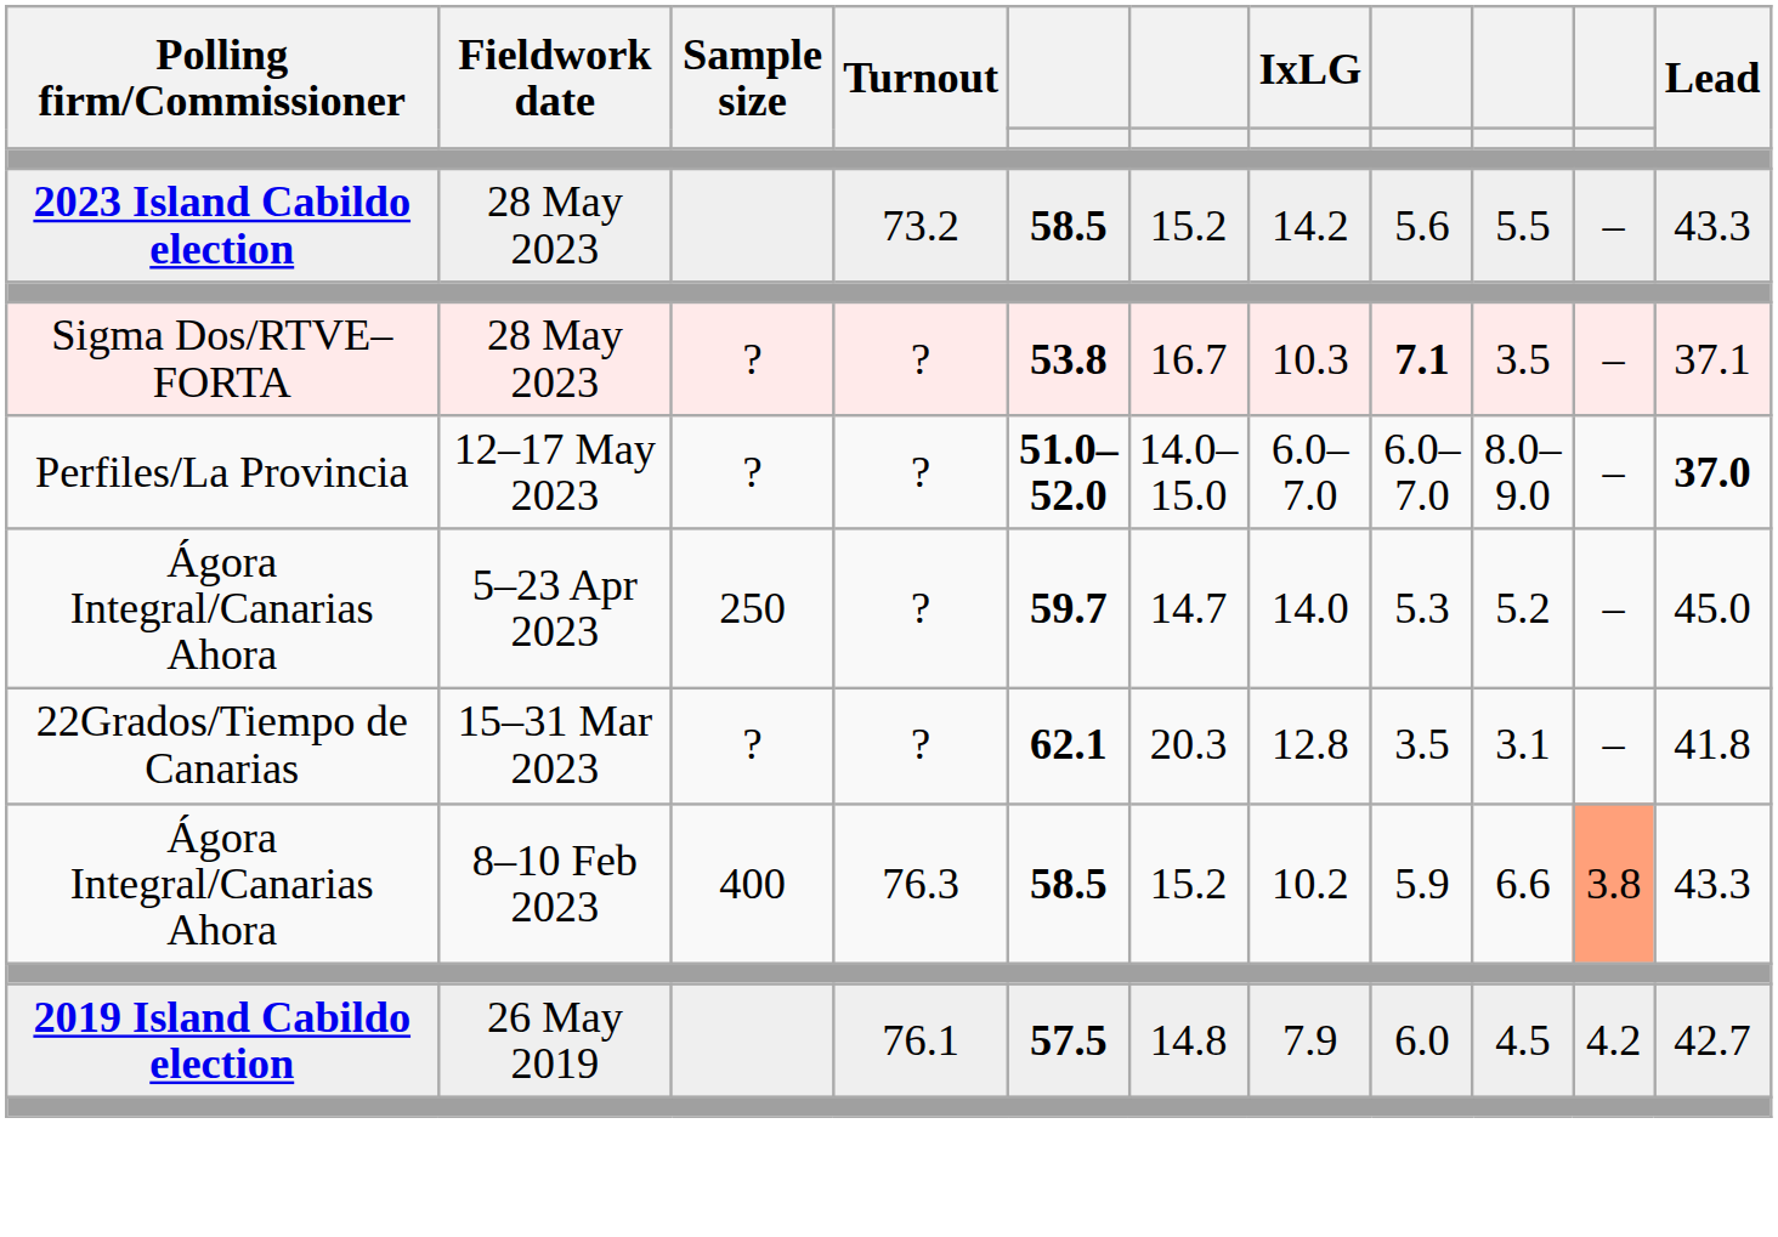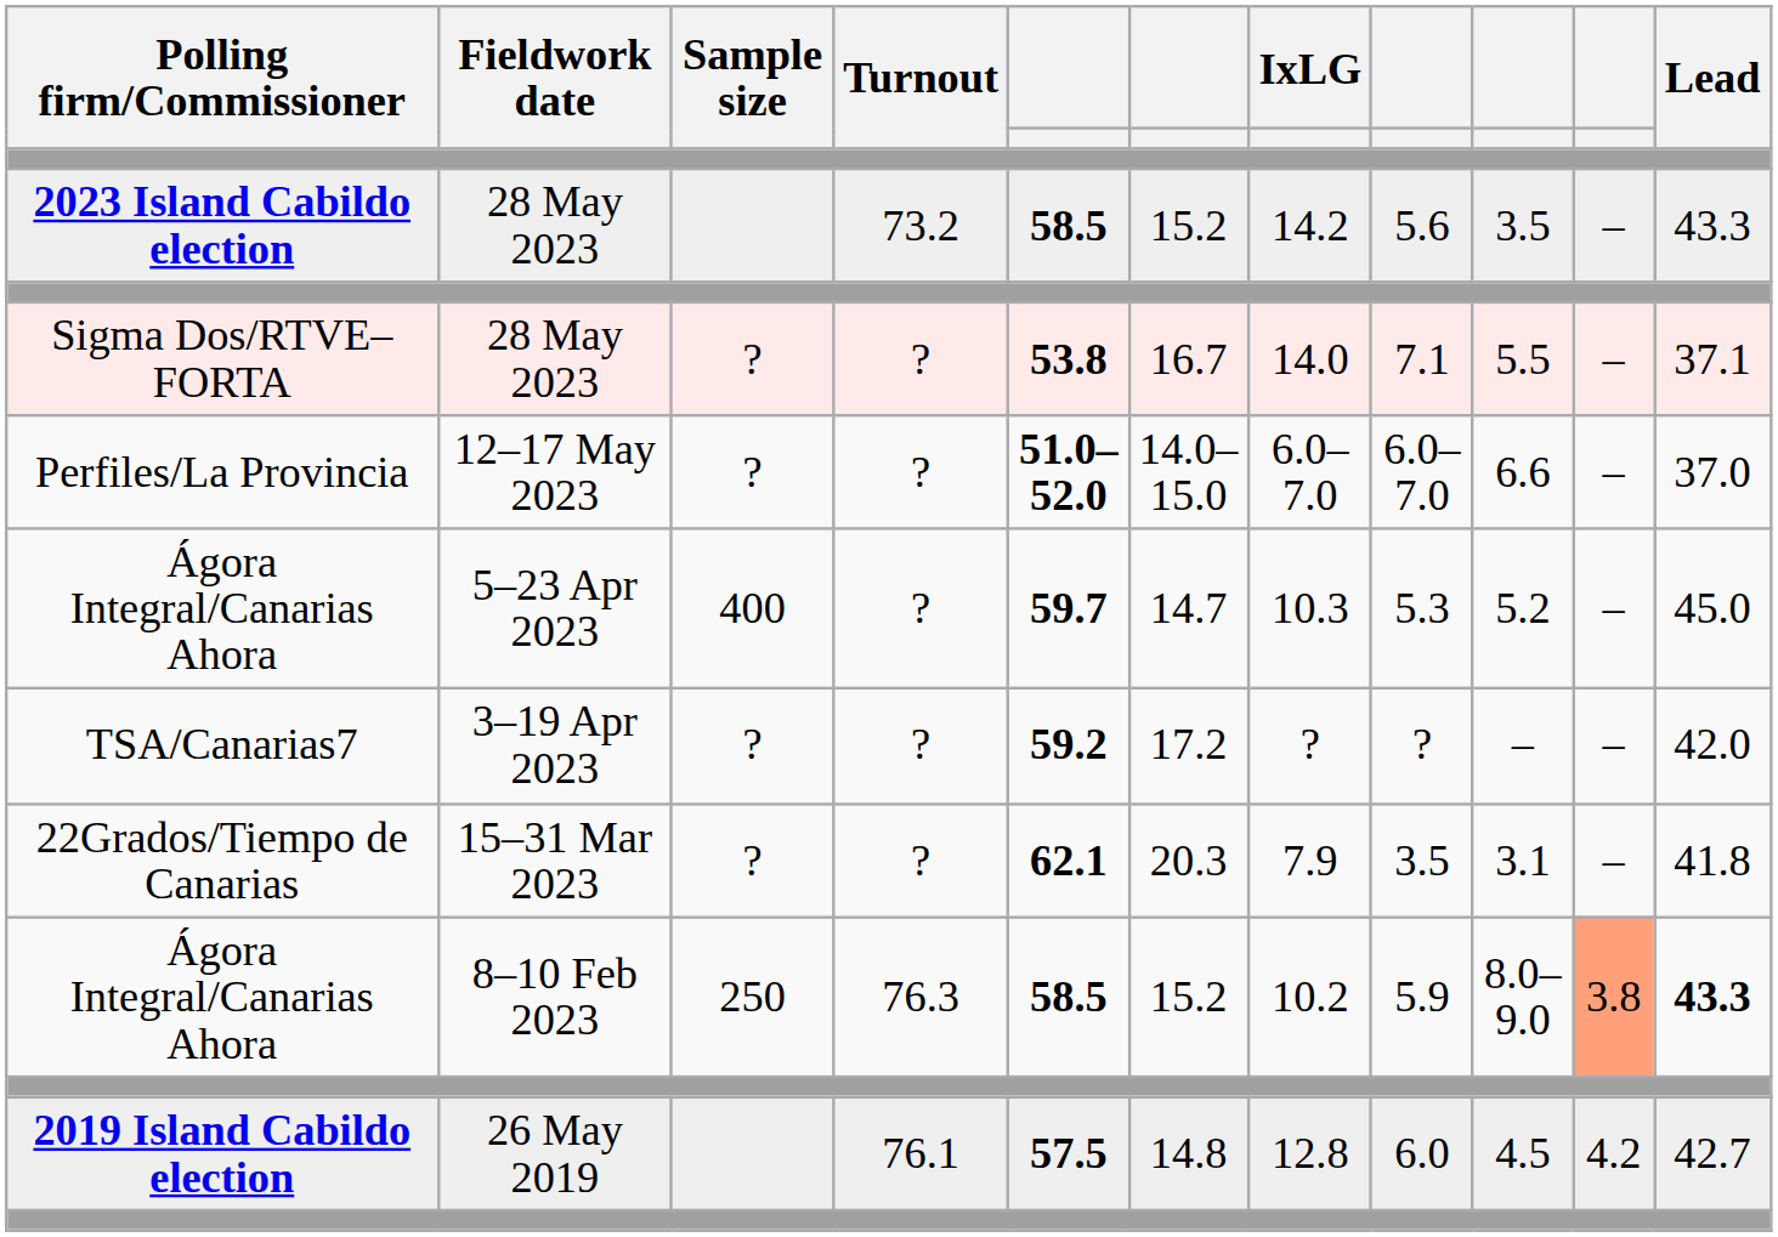 <table class="wikitable collapsible collapsed" style="text-align:center; font-size:95%; line-height:16px;">
 <tr style="height:42px;">
 <th style="width:250px;" rowspan="2">Polling firm/Commissioner</th>
 <th style="width:125px;" rowspan="2">Fieldwork date</th>
 <th style="width:50px;" rowspan="2">Sample size</th>
 <th style="width:45px;" rowspan="2">Turnout</th>
 <th style="width:35px;"></th>
 <th style="width:35px;"></th>
 <th style="width:35px;">IxLG</th>
 <th style="width:35px;"></th>
 <th style="width:35px;"></th>
 <th style="width:35px;"></th>
 <th style="width:30px;" rowspan="2">Lead</th>
 </tr>
 <tr>
 <th style="color:inherit;background:"></th>
 <th style="color:inherit;background:"></th>
 <th style="color:inherit;background:"></th>
 <th style="color:inherit;background:"></th>
 <th style="color:inherit;background:"></th>
 <th style="color:inherit;background:"></th>
 </tr>
 <tr>
 <td colspan="11" style="background:#A0A0A0"></td>
 </tr>
 <tr style="background:#EFEFEF;">
 <td><strong><a href='#'>2023 Island Cabildo election</a></strong></td>
 <td>28 May 2023</td>
 <td></td>
 <td>73.2</td>
 <td><strong>58.5</strong><br></td>
 <td>15.2<br></td>
 <td>14.2<br></td>
 <td>5.6<br></td>
-<td>5.5<br></td>
+<td>3.5<br></td>
 <td>–</td>
 <td style="background:">43.3</td>
 </tr>
 <tr>
 <td colspan="11" style="background:#A0A0A0"></td>
 </tr>
 <tr style="background:#FFEAEA;">
 <td>Sigma Dos/RTVE–FORTA</td>
 <td>28 May 2023</td>
 <td>?</td>
 <td>?</td>
 <td><strong>53.8</strong><br></td>
 <td>16.7<br></td>
-<td>10.3<br></td>
-<td><strong>7.1<br></strong></td>
-<td>3.5<br></td>
+<td>14.0<br></td>
+<td>7.1<br></td>
+<td>5.5<br></td>
 <td>–</td>
 <td style="background:">37.1</td>
 </tr>
 <tr>
 <td>Perfiles/La Provincia</td>
 <td>12–17 May 2023</td>
 <td>?</td>
 <td>?</td>
 <td><strong>51.0–<br>52.0</strong><br></td>
 <td>14.0–<br>15.0<br></td>
 <td>6.0–<br>7.0<br></td>
 <td>6.0–<br>7.0<br></td>
-<td>8.0–<br>9.0<br></td>
+<td>6.6<br></td>
 <td>–</td>
-<td style="background:"><strong>37.0</strong></td>
+<td style="background:">37.0</td>
 </tr>
 <tr>
 <td>Ágora Integral/Canarias Ahora</td>
 <td>5–23 Apr 2023</td>
-<td>250</td>
+<td>400</td>
 <td>?</td>
 <td><strong>59.7</strong><br></td>
 <td>14.7<br></td>
-<td>14.0<br></td>
+<td>10.3<br></td>
 <td>5.3<br></td>
 <td>5.2<br></td>
 <td>–</td>
 <td style="background:">45.0</td>
+</tr>
+<tr>
+<td>TSA/Canarias7</td>
+<td>3–19 Apr 2023</td>
+<td>?</td>
+<td>?</td>
+<td><strong>59.2</strong><br></td>
+<td>17.2<br></td>
+<td>?<br></td>
+<td>?<br></td>
+<td>–</td>
+<td>–</td>
+<td style="background:">42.0</td>
 </tr>
 <tr>
 <td>22Grados/Tiempo de Canarias</td>
 <td>15–31 Mar 2023</td>
 <td>?</td>
 <td>?</td>
 <td><strong>62.1</strong><br></td>
 <td>20.3<br></td>
-<td>12.8<br></td>
+<td>7.9<br></td>
 <td>3.5<br></td>
 <td>3.1<br></td>
 <td>–</td>
 <td style="background:">41.8</td>
 </tr>
 <tr>
 <td>Ágora Integral/Canarias Ahora</td>
 <td>8–10 Feb 2023</td>
-<td>400</td>
+<td>250</td>
 <td>76.3</td>
 <td><strong>58.5</strong><br></td>
 <td>15.2<br></td>
 <td>10.2<br></td>
 <td>5.9<br></td>
-<td>6.6<br></td>
+<td>8.0–<br>9.0<br></td>
 <td style="background: lightsalmon;">3.8<br></td>
-<td style="background:">43.3</td>
+<td style="background:"><strong>43.3</strong></td>
 </tr>
 <tr>
 <td colspan="11" style="background:#A0A0A0"></td>
 </tr>
 <tr style="background:#EFEFEF;">
 <td><strong><a href='#'>2019 Island Cabildo election</a></strong></td>
 <td>26 May 2019</td>
 <td></td>
 <td>76.1</td>
 <td><strong>57.5</strong><br></td>
 <td>14.8<br></td>
-<td>7.9<br></td>
+<td>12.8<br></td>
 <td>6.0<br></td>
 <td>4.5<br></td>
 <td>4.2<br></td>
 <td style="background:">42.7</td>
 </tr>
 <tr>
 <td colspan="11" style="background:#A0A0A0"></td>
 </tr>
 </table>
